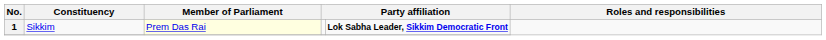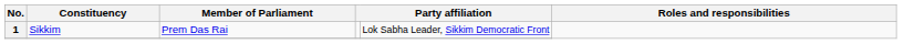 <table class="wikitable">
 <tr style="text-align:center;">
 <th>No.</th>
 <th style="width:12em">Constituency</th>
 <th style="width:18em">Member of Parliament</th>
 <th colspan="2" style="width:18em">Party affiliation</th>
 <th style="width:32em">Roles and responsibilities</th>
 </tr>
 <tr>
 <th>1</th>
 <td><a href='#'>Sikkim</a></td>
-<td style="background: lightyellow;"><a href='#'>Prem Das Rai</a></td>
+<td><a href='#'>Prem Das Rai</a></td>
 <td></td>
-<td style="font-size:90%"><strong>Lok Sabha Leader, <a href='#'>Sikkim Democratic Front</a></strong></td>
+<td style="font-size:90%">Lok Sabha Leader, <a href='#'>Sikkim Democratic Front</a></td>
 </tr>
 <tr>
 </tr>
 </table>
